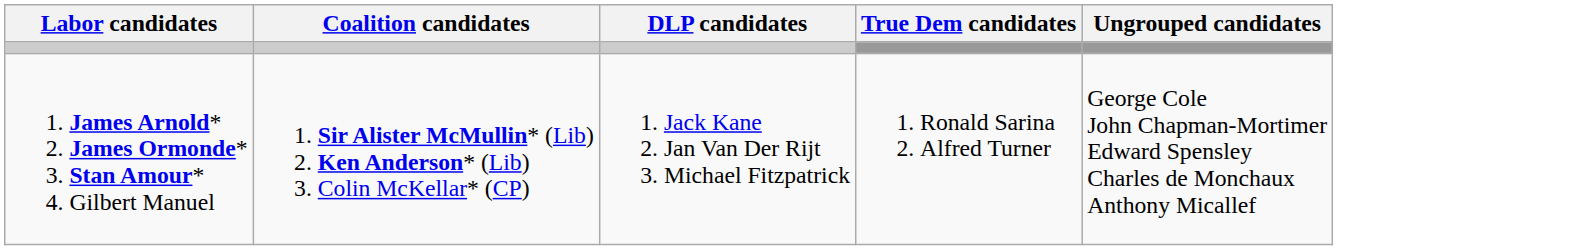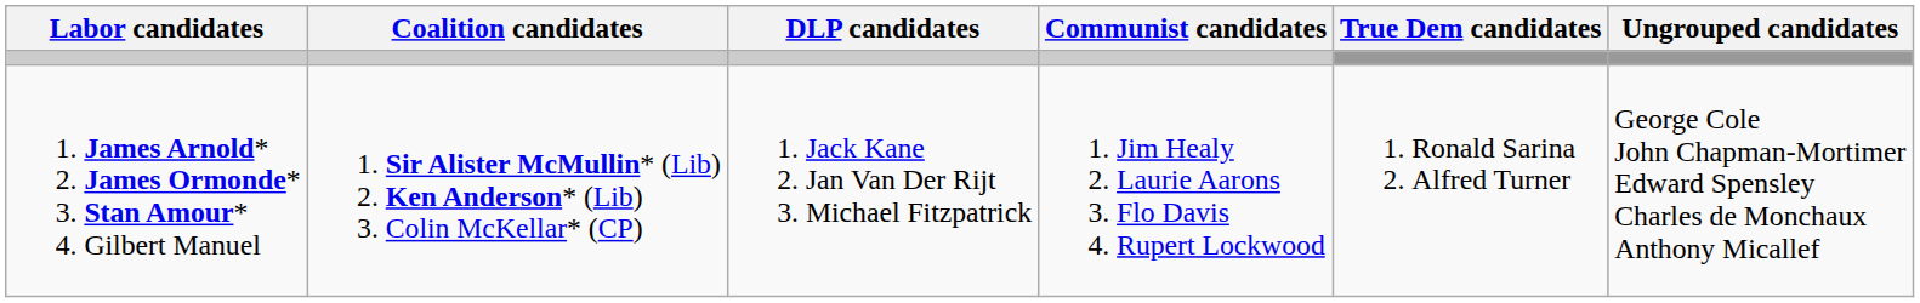 <table class="wikitable">
 <tr>
 <th><a href='#'>Labor</a> candidates</th>
 <th><a href='#'>Coalition</a> candidates</th>
 <th><a href='#'>DLP</a> candidates</th>
+<th><a href='#'>Communist</a> candidates</th>
 <th><a href='#'>True Dem</a> candidates</th>
 <th>Ungrouped candidates</th>
 </tr>
 <tr bgcolor="#cccccc">
+<td></td>
 <td></td>
 <td></td>
 <td></td>
 <td bgcolor="#999999"></td>
 <td bgcolor="#999999"></td>
 </tr>
 <tr>
 <td><br><ol><li><strong><a href='#'>James Arnold</a></strong>*</li><li><strong><a href='#'>James Ormonde</a></strong>*</li><li><strong><a href='#'>Stan Amour</a></strong>*</li><li>Gilbert Manuel</li></ol></td>
 <td><br><ol><li><strong><a href='#'>Sir Alister McMullin</a></strong>* (<a href='#'>Lib</a>)</li><li><strong><a href='#'>Ken Anderson</a></strong>* (<a href='#'>Lib</a>)</li><li><a href='#'>Colin McKellar</a>* (<a href='#'>CP</a>)</li></ol></td>
 <td valign=top><br><ol><li><a href='#'>Jack Kane</a></li><li>Jan Van Der Rijt</li><li>Michael Fitzpatrick</li></ol></td>
+<td valign=top><br><ol><li><a href='#'>Jim Healy</a></li><li><a href='#'>Laurie Aarons</a></li><li><a href='#'>Flo Davis</a></li><li><a href='#'>Rupert Lockwood</a></li></ol></td>
 <td valign=top><br><ol><li>Ronald Sarina</li><li>Alfred Turner</li></ol></td>
 <td valign=top><br>George Cole<br> John Chapman-Mortimer<br> Edward Spensley<br> Charles de Monchaux<br> Anthony Micallef</td>
 </tr>
 </table>
